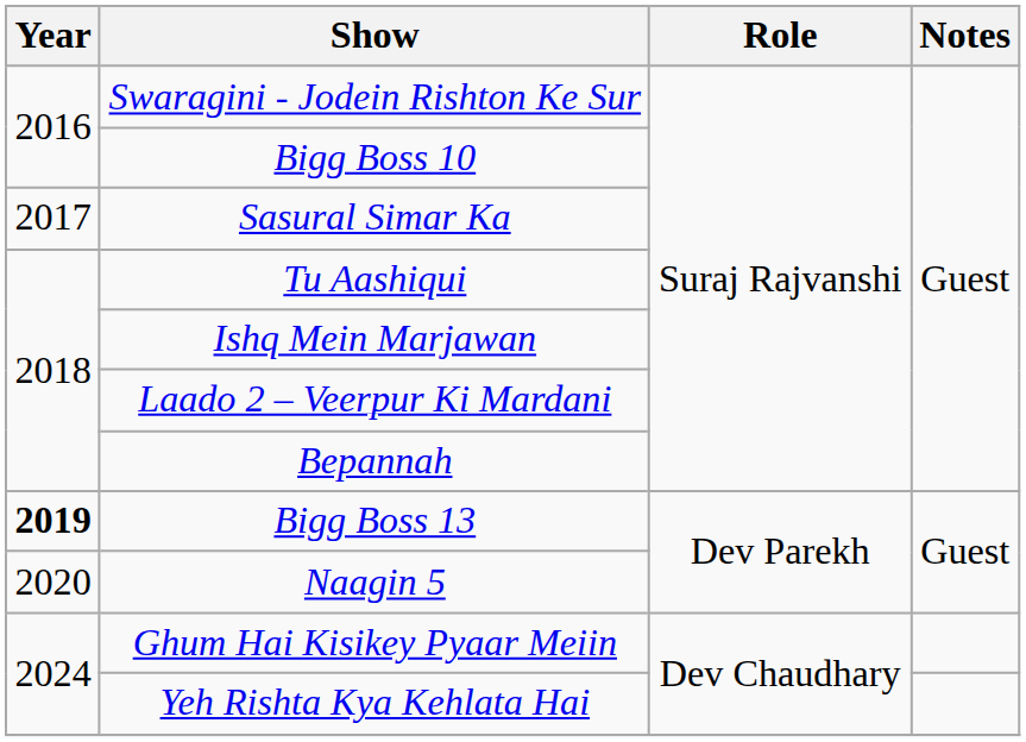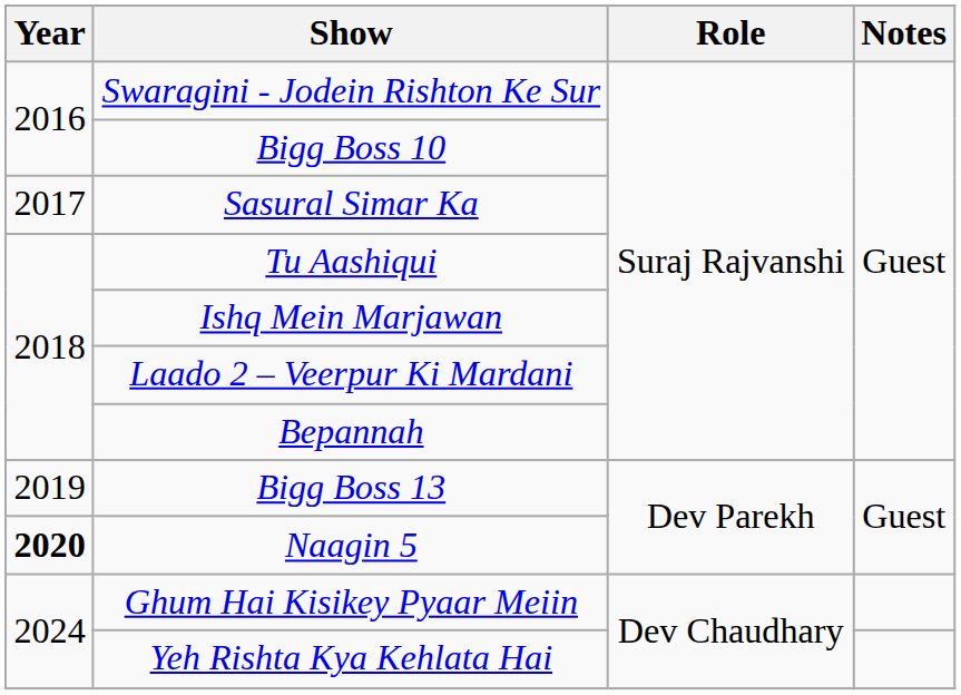 <table class="wikitable" style="text-align:center;">
 <tr>
 <th>Year</th>
 <th>Show</th>
 <th>Role</th>
 <th>Notes</th>
 </tr>
 <tr>
 <td rowspan="2">2016</td>
 <td><em><a href='#'>Swaragini - Jodein Rishton Ke Sur</a></em></td>
 <td rowspan ="7">Suraj Rajvanshi</td>
 <td rowspan="7">Guest</td>
 </tr>
 <tr>
 <td><em><a href='#'>Bigg Boss 10</a></em></td>
 </tr>
 <tr>
 <td>2017</td>
 <td><em><a href='#'>Sasural Simar Ka</a></em></td>
 </tr>
 <tr>
 <td rowspan="4">2018</td>
 <td><em><a href='#'>Tu Aashiqui</a></em></td>
 </tr>
 <tr>
 <td><em><a href='#'>Ishq Mein Marjawan</a></em></td>
 </tr>
 <tr>
 <td><em><a href='#'>Laado 2 – Veerpur Ki Mardani</a></em></td>
 </tr>
 <tr>
 <td><em><a href='#'>Bepannah</a></em></td>
 </tr>
 <tr>
-<td><strong>2019</strong></td>
+<td>2019</td>
 <td><em><a href='#'>Bigg Boss 13</a></em></td>
 <td Rowspan=2>Dev Parekh</td>
 <td rowspan="2">Guest </td>
 </tr>
 <tr>
-<td>2020</td>
+<td><strong>2020</strong></td>
 <td><em><a href='#'>Naagin 5</a></em></td>
 </tr>
 <tr>
 <td rowspan="2">2024</td>
 <td><em><a href='#'>Ghum Hai Kisikey Pyaar Meiin</a></em></td>
 <td rowspan="2">Dev Chaudhary</td>
 <td></td>
 </tr>
 <tr>
 <td><em><a href='#'>Yeh Rishta Kya Kehlata Hai</a></em></td>
 <td></td>
 </tr>
 <tr 2025.  Jagriti Ek Nayi Subah>
 </tr>
 </table>
